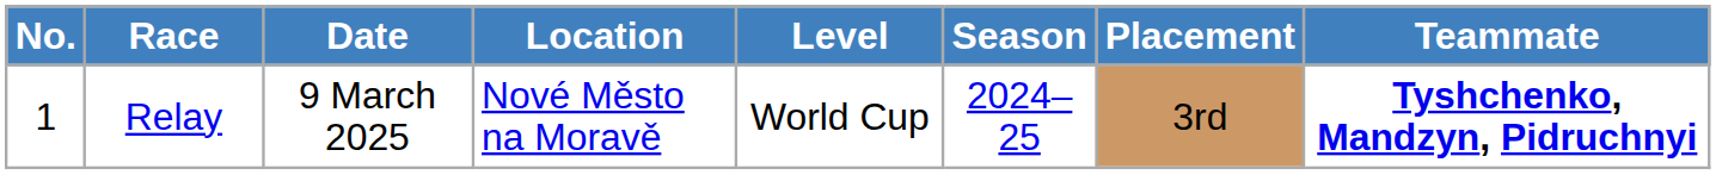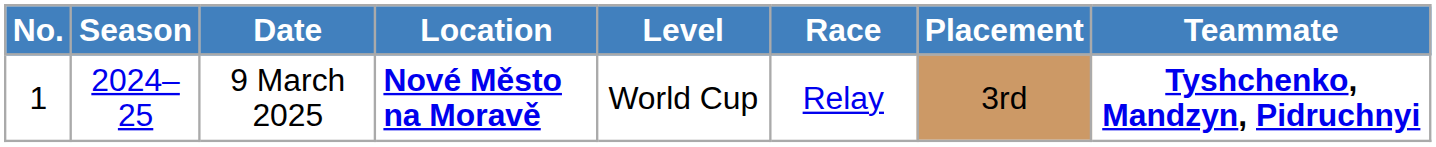 <table class="wikitable sortable" style="font-size:85%; text-align:center; border:grey solid 1px; border-collapse:collapse; background:#ffffff;">
 <tr style="background:#efefef;">
 <th style="background-color:#4180be; color:white;">No.</th>
-<th style="background-color:#4180be; color:white; width:100px;">Race</th>
+<th style="background-color:#4180be; color:white;">Season</th>
 <th style="background-color:#4180be; color:white; width:130px;">Date</th>
 <th style="background-color:#4180be; color:white; width:150px;">Location</th>
 <th style="background-color:#4180be; color:white; width:130px;">Level</th>
-<th style="background-color:#4180be; color:white;">Season</th>
+<th style="background-color:#4180be; color:white; width:100px;">Race</th>
 <th style="background-color:#4180be; color:white; width:50px;">Placement</th>
 <th style="background-color:#4180be; color:white; width:250px;">Teammate</th>
 </tr>
 <tr>
 <td>1</td>
+<td><a href='#'>2024–25</a></td>
+<td>9 March 2025</td>
+<td align=left><strong> <a href='#'>Nové Město na Moravě</a></strong></td>
+<td>World Cup</td>
 <td align=center><a href='#'>Relay</a></td>
-<td>9 March 2025</td>
-<td align=left> <a href='#'>Nové Město na Moravě</a></td>
-<td>World Cup</td>
-<td><a href='#'>2024–25</a></td>
 <td align=center bgcolor="#CC9966">3rd</td>
 <td><strong><a href='#'>Tyshchenko</a>, <a href='#'>Mandzyn</a>, <a href='#'>Pidruchnyi</a></strong></td>
 </tr>
 </table>
